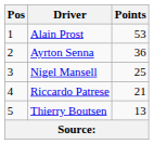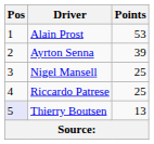 <table class="wikitable" style="font-size: 95%;">
 <tr>
 <th>Pos</th>
 <th>Driver</th>
 <th>Points</th>
 </tr>
 <tr>
 <td>1</td>
 <td> <a href='#'>Alain Prost</a></td>
 <td align=right>53</td>
 </tr>
 <tr>
 <td>2</td>
 <td> <a href='#'>Ayrton Senna</a></td>
-<td align=right>36</td>
+<td align=right>39</td>
 </tr>
 <tr>
 <td>3</td>
 <td> <a href='#'>Nigel Mansell</a></td>
 <td align=right>25</td>
 </tr>
 <tr>
 <td>4</td>
 <td> <a href='#'>Riccardo Patrese</a></td>
-<td align=right>21</td>
+<td align=right>25</td>
 </tr>
 <tr>
-<td>5</td>
+<td style="background: lavender;">5</td>
 <td> <a href='#'>Thierry Boutsen</a></td>
 <td align=right>13</td>
 </tr>
 <tr>
 <th colspan=4>Source: </th>
 </tr>
 </table>
